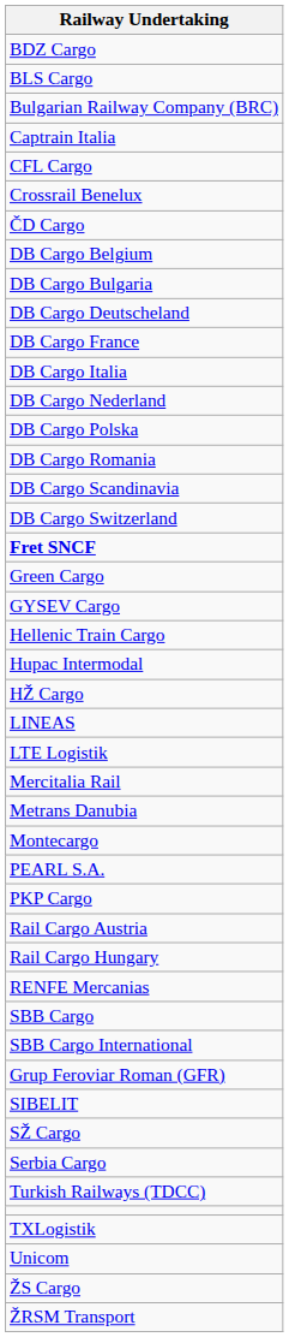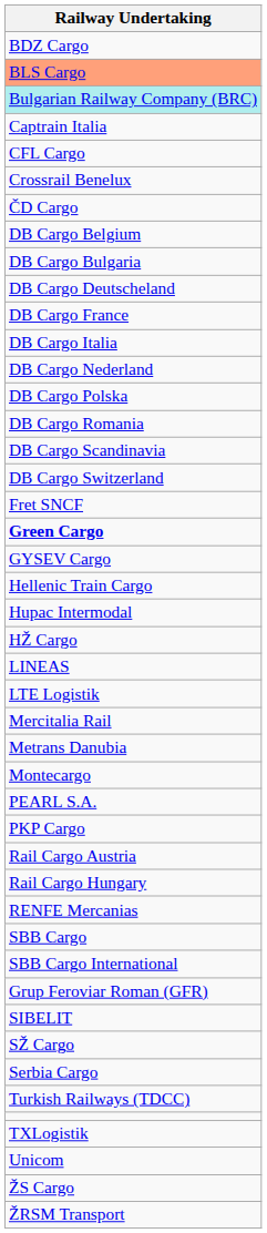 <table class="wikitable">
 <tr>
 <th>Railway Undertaking</th>
 </tr>
 <tr>
 <td><a href='#'>BDZ Cargo</a></td>
 </tr>
 <tr>
-<td><a href='#'>BLS Cargo</a></td>
+<td style="background: lightsalmon;"><a href='#'>BLS Cargo</a></td>
 </tr>
 <tr>
-<td><a href='#'>Bulgarian Railway Company (BRC)</a></td>
+<td style="background: paleturquoise;"><a href='#'>Bulgarian Railway Company (BRC)</a></td>
 </tr>
 <tr>
 <td><a href='#'>Captrain Italia</a></td>
 </tr>
 <tr>
 <td><a href='#'>CFL Cargo</a></td>
 </tr>
 <tr>
 <td><a href='#'>Crossrail Benelux</a></td>
 </tr>
 <tr>
 <td><a href='#'>ČD Cargo</a></td>
 </tr>
 <tr>
 <td><a href='#'>DB Cargo Belgium</a></td>
 </tr>
 <tr>
 <td><a href='#'>DB Cargo Bulgaria</a></td>
 </tr>
 <tr>
 <td><a href='#'>DB Cargo Deutscheland</a></td>
 </tr>
 <tr>
 <td><a href='#'>DB Cargo France</a></td>
 </tr>
 <tr>
 <td><a href='#'>DB Cargo Italia</a></td>
 </tr>
 <tr>
 <td><a href='#'>DB Cargo Nederland</a></td>
 </tr>
 <tr>
 <td><a href='#'>DB Cargo Polska</a></td>
 </tr>
 <tr>
 <td><a href='#'>DB Cargo Romania</a></td>
 </tr>
 <tr>
 <td><a href='#'>DB Cargo Scandinavia</a></td>
 </tr>
 <tr>
 <td><a href='#'>DB Cargo Switzerland</a></td>
 </tr>
 <tr>
-<td><strong><a href='#'>Fret SNCF</a></strong></td>
+<td><a href='#'>Fret SNCF</a></td>
 </tr>
 <tr>
-<td><a href='#'>Green Cargo</a></td>
+<td><strong><a href='#'>Green Cargo</a></strong></td>
 </tr>
 <tr>
 <td><a href='#'>GYSEV Cargo</a></td>
 </tr>
 <tr>
 <td><a href='#'>Hellenic Train Cargo</a></td>
 </tr>
 <tr>
 <td><a href='#'>Hupac Intermodal</a></td>
 </tr>
 <tr>
 <td><a href='#'>HŽ Cargo</a></td>
 </tr>
 <tr>
 <td><a href='#'>LINEAS</a></td>
 </tr>
 <tr>
 <td><a href='#'>LTE Logistik</a></td>
 </tr>
 <tr>
 <td><a href='#'>Mercitalia Rail</a></td>
 </tr>
 <tr>
 <td><a href='#'>Metrans Danubia</a></td>
 </tr>
 <tr>
 <td><a href='#'>Montecargo</a></td>
 </tr>
 <tr>
 <td><a href='#'>PEARL S.A.</a></td>
 </tr>
 <tr>
 <td><a href='#'>PKP Cargo</a></td>
 </tr>
 <tr>
 <td><a href='#'>Rail Cargo Austria</a></td>
 </tr>
 <tr>
 <td><a href='#'>Rail Cargo Hungary</a></td>
 </tr>
 <tr>
 <td><a href='#'>RENFE Mercanias</a></td>
 </tr>
 <tr>
 <td><a href='#'>SBB Cargo</a></td>
 </tr>
 <tr>
 <td><a href='#'>SBB Cargo International</a></td>
 </tr>
 <tr>
 <td><a href='#'>Grup Feroviar Roman (GFR)</a></td>
 </tr>
 <tr>
 <td><a href='#'>SIBELIT</a></td>
 </tr>
 <tr>
 <td><a href='#'>SŽ Cargo</a></td>
 </tr>
 <tr>
 <td><a href='#'>Serbia Cargo</a></td>
 </tr>
 <tr>
 <td><a href='#'>Turkish Railways (TDCC)</a></td>
 </tr>
 <tr>
 <td></td>
 </tr>
 <tr>
 <td><a href='#'>TXLogistik</a></td>
 </tr>
 <tr>
 <td><a href='#'>Unicom</a></td>
 </tr>
 <tr>
 <td><a href='#'>ŽS Cargo</a></td>
 </tr>
 <tr>
 <td><a href='#'>ŽRSM Transport</a></td>
 </tr>
 </table>
